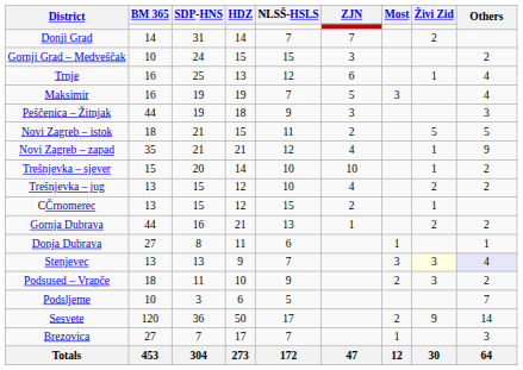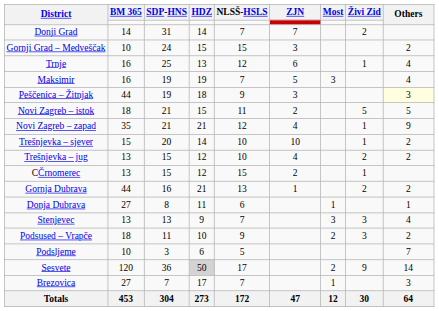 <table class="wikitable" style="text-align:center; font-size:90%;">
 <tr>
 <th rowspan=2><a href='#'>District</a></th>
 <th><a href='#'>BM 365</a></th>
 <th><a href='#'>SDP</a>-<a href='#'>HNS</a></th>
 <th><a href='#'>HDZ</a></th>
 <th>NLSŠ-<a href='#'>HSLS</a></th>
 <th><a href='#'>ZJN</a></th>
 <th><a href='#'>Most</a></th>
 <th><a href='#'>Živi Zid</a></th>
 <th style="width:70px;" rowspan="2">Others</th>
 </tr>
 <tr>
 <td style="background: "></td>
 <td style="background: "></td>
 <td style="background: "></td>
 <td style="background: "></td>
 <td style="background-color:#cc0000; width:70px;"></td>
 <td style="background: "></td>
 <td style="background: "></td>
 </tr>
 <tr>
 <td><a href='#'>Donji Grad</a></td>
 <td>14</td>
 <td>31</td>
 <td>14</td>
 <td>7</td>
 <td>7</td>
 <td></td>
 <td>2</td>
 <td></td>
 </tr>
 <tr>
 <td><a href='#'>Gornji Grad – Medveščak</a></td>
 <td>10</td>
 <td>24</td>
 <td>15</td>
 <td>15</td>
 <td>3</td>
 <td></td>
 <td></td>
 <td>2</td>
 </tr>
 <tr>
 <td><a href='#'>Trnje</a></td>
 <td>16</td>
 <td>25</td>
 <td>13</td>
 <td>12</td>
 <td>6</td>
 <td></td>
 <td>1</td>
 <td>4</td>
 </tr>
 <tr>
 <td><a href='#'>Maksimir</a></td>
 <td>16</td>
 <td>19</td>
 <td>19</td>
 <td>7</td>
 <td>5</td>
 <td>3</td>
 <td></td>
 <td>4</td>
 </tr>
 <tr>
 <td><a href='#'>Peščenica – Žitnjak</a></td>
 <td>44</td>
 <td>19</td>
 <td>18</td>
 <td>9</td>
 <td>3</td>
 <td></td>
 <td></td>
-<td>3</td>
+<td style="background: lightyellow;">3</td>
 </tr>
 <tr>
 <td><a href='#'>Novi Zagreb – istok</a></td>
 <td>18</td>
 <td>21</td>
 <td>15</td>
 <td>11</td>
 <td>2</td>
 <td></td>
 <td>5</td>
 <td>5</td>
 </tr>
 <tr>
 <td><a href='#'>Novi Zagreb – zapad</a></td>
 <td>35</td>
 <td>21</td>
 <td>21</td>
 <td>12</td>
 <td>4</td>
 <td></td>
 <td>1</td>
 <td>9</td>
 </tr>
 <tr>
 <td><a href='#'>Trešnjevka – sjever</a></td>
 <td>15</td>
 <td>20</td>
 <td>14</td>
 <td>10</td>
 <td>10</td>
 <td></td>
 <td>1</td>
 <td>2</td>
 </tr>
 <tr>
 <td><a href='#'>Trešnjevka – jug</a></td>
 <td>13</td>
 <td>15</td>
 <td>12</td>
 <td>10</td>
 <td>4</td>
 <td></td>
 <td>2</td>
 <td>2</td>
 </tr>
 <tr>
 <td><span>C</span><a href='#'>Črnomerec</a></td>
 <td>13</td>
 <td>15</td>
 <td>12</td>
 <td>15</td>
 <td>2</td>
 <td></td>
 <td>1</td>
 <td></td>
 </tr>
 <tr>
 <td><a href='#'>Gornja Dubrava</a></td>
 <td>44</td>
 <td>16</td>
 <td>21</td>
 <td>13</td>
 <td>1</td>
 <td></td>
 <td>2</td>
 <td>2</td>
 </tr>
 <tr>
 <td><a href='#'>Donja Dubrava</a></td>
 <td>27</td>
 <td>8</td>
 <td>11</td>
 <td>6</td>
 <td></td>
 <td>1</td>
 <td></td>
 <td>1</td>
 </tr>
 <tr>
 <td><a href='#'>Stenjevec</a></td>
 <td>13</td>
 <td>13</td>
 <td>9</td>
 <td>7</td>
 <td></td>
 <td>3</td>
-<td style="background: lightyellow;">3</td>
-<td style="background: lavender;">4</td>
+<td>3</td>
+<td>4</td>
 </tr>
 <tr>
 <td><a href='#'>Podsused – Vrapče</a></td>
 <td>18</td>
 <td>11</td>
 <td>10</td>
 <td>9</td>
 <td></td>
 <td>2</td>
 <td>3</td>
 <td>2</td>
 </tr>
 <tr>
 <td><a href='#'>Podsljeme</a></td>
 <td>10</td>
 <td>3</td>
 <td>6</td>
 <td>5</td>
 <td></td>
 <td></td>
 <td></td>
 <td>7</td>
 </tr>
 <tr>
 <td><a href='#'>Sesvete</a></td>
 <td>120</td>
 <td>36</td>
-<td>50</td>
+<td style="background: lightgrey;">50</td>
 <td>17</td>
 <td></td>
 <td>2</td>
 <td>9</td>
 <td>14</td>
 </tr>
 <tr>
 <td><a href='#'>Brezovica</a></td>
 <td>27</td>
 <td>7</td>
 <td>17</td>
 <td>7</td>
 <td></td>
 <td>1</td>
 <td></td>
 <td>3</td>
 </tr>
 <tr>
 <th>Totals</th>
 <th>453</th>
 <th>304</th>
 <th>273</th>
 <th>172</th>
 <th>47</th>
 <th>12</th>
 <th>30</th>
 <th>64</th>
 </tr>
 </table>
